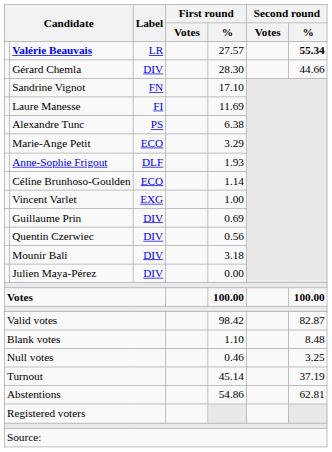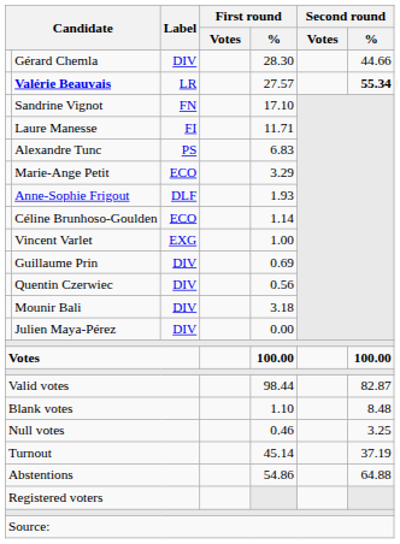 <table class="wikitable" style="text-align:right;font-size:95%;">
 <tr>
 <th rowspan="2" colspan="2">Candidate</th>
 <th rowspan="2">Label</th>
 <th colspan="2">First round</th>
 <th colspan="2">Second round</th>
 </tr>
 <tr>
 <th style="width:50px;">Votes</th>
 <th style="width:45px;">%</th>
 <th style="width:50px;">Votes</th>
 <th style="width:45px;">%</th>
 </tr>
 <tr>
 <td style="color:inherit;background:"></td>
+<td style="text-align:left;">Gérard Chemla</td>
+<td><a href='#'>DIV</a></td>
+<td></td>
+<td>28.30</td>
+<td></td>
+<td>44.66</td>
+</tr>
+<tr>
+<td style="color:inherit;background:"></td>
 <td style="text-align:left;"><strong><a href='#'>Valérie Beauvais</a></strong></td>
 <td><a href='#'>LR</a></td>
 <td></td>
 <td>27.57</td>
 <td><strong></strong></td>
 <td><strong>55.34</strong></td>
-</tr>
-<tr>
-<td style="color:inherit;background:"></td>
-<td style="text-align:left;">Gérard Chemla</td>
-<td><a href='#'>DIV</a></td>
-<td></td>
-<td>28.30</td>
-<td></td>
-<td>44.66</td>
 </tr>
 <tr>
 <td style="color:inherit;background:"></td>
 <td style="text-align:left;">Sandrine Vignot</td>
 <td><a href='#'>FN</a></td>
 <td></td>
 <td>17.10</td>
 <td colspan="2" rowspan="11" style="background:#E9E9E9;"></td>
 </tr>
 <tr>
 <td style="color:inherit;background:"></td>
 <td style="text-align:left;">Laure Manesse</td>
 <td><a href='#'>FI</a></td>
 <td></td>
-<td>11.69</td>
+<td>11.71</td>
 </tr>
 <tr>
 <td style="color:inherit;background:"></td>
 <td style="text-align:left;">Alexandre Tunc</td>
 <td><a href='#'>PS</a></td>
 <td></td>
-<td>6.38</td>
+<td>6.83</td>
 </tr>
 <tr>
 <td style="color:inherit;background:"></td>
 <td style="text-align:left;">Marie-Ange Petit</td>
 <td><a href='#'>ECO</a></td>
 <td></td>
 <td>3.29</td>
 </tr>
 <tr>
 <td style="color:inherit;background:"></td>
 <td style="text-align:left;"><a href='#'>Anne-Sophie Frigout</a></td>
 <td><a href='#'>DLF</a></td>
 <td></td>
 <td>1.93</td>
 </tr>
 <tr>
 <td style="color:inherit;background:"></td>
 <td style="text-align:left;">Céline Brunhoso-Goulden</td>
 <td><a href='#'>ECO</a></td>
 <td></td>
 <td>1.14</td>
 </tr>
 <tr>
 <td style="color:inherit;background:"></td>
 <td style="text-align:left;">Vincent Varlet</td>
 <td><a href='#'>EXG</a></td>
 <td></td>
 <td>1.00</td>
 </tr>
 <tr>
 <td style="color:inherit;background:"></td>
 <td style="text-align:left;">Guillaume Prin</td>
 <td><a href='#'>DIV</a></td>
 <td></td>
 <td>0.69</td>
 </tr>
 <tr>
 <td style="color:inherit;background:"></td>
 <td style="text-align:left;">Quentin Czerwiec</td>
 <td><a href='#'>DIV</a></td>
 <td></td>
 <td>0.56</td>
 </tr>
 <tr>
 <td style="color:inherit;background:"></td>
 <td style="text-align:left;">Mounir Bali</td>
 <td><a href='#'>DIV</a></td>
 <td></td>
 <td>3.18</td>
 </tr>
 <tr>
 <td style="color:inherit;background:"></td>
 <td style="text-align:left;">Julien Maya-Pérez</td>
 <td><a href='#'>DIV</a></td>
 <td></td>
 <td>0.00</td>
 </tr>
 <tr>
 <td colspan="7" style="background:#E9E9E9;"></td>
 </tr>
 <tr style="font-weight:bold;">
 <td colspan="3" style="text-align:left;">Votes</td>
 <td></td>
 <td>100.00</td>
 <td></td>
 <td>100.00</td>
 </tr>
 <tr>
 <td colspan="7" style="background:#E9E9E9;"></td>
 </tr>
 <tr>
 <td colspan="3" style="text-align:left;">Valid votes</td>
 <td></td>
-<td>98.42</td>
+<td>98.44</td>
 <td></td>
 <td>82.87</td>
 </tr>
 <tr>
 <td colspan="3" style="text-align:left;">Blank votes</td>
 <td></td>
 <td>1.10</td>
 <td></td>
 <td>8.48</td>
 </tr>
 <tr>
 <td colspan="3" style="text-align:left;">Null votes</td>
 <td></td>
 <td>0.46</td>
 <td></td>
 <td>3.25</td>
 </tr>
 <tr>
 <td colspan="3" style="text-align:left;">Turnout</td>
 <td></td>
 <td>45.14</td>
 <td></td>
 <td>37.19</td>
 </tr>
 <tr>
 <td colspan="3" style="text-align:left;">Abstentions</td>
 <td></td>
 <td>54.86</td>
 <td></td>
-<td>62.81</td>
+<td>64.88</td>
 </tr>
 <tr>
 <td colspan="3" style="text-align:left;">Registered voters</td>
 <td></td>
 <td style="background:#E9E9E9;"></td>
 <td></td>
 <td style="background:#E9E9E9;"></td>
 </tr>
 <tr>
 <td colspan="7" style="background:#E9E9E9;"></td>
 </tr>
 <tr>
 <td colspan="7" style="text-align:left;">Source: </td>
 </tr>
 </table>
